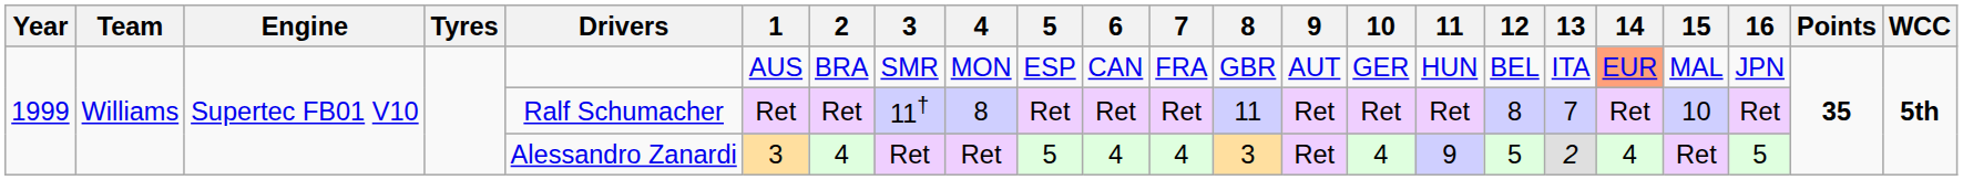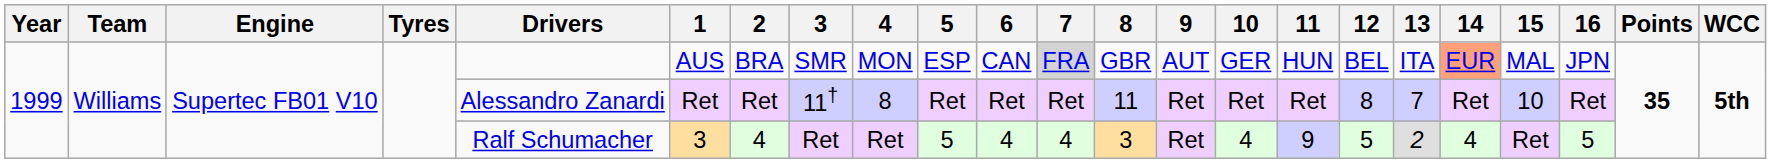 <table class="wikitable" style="text-align:center; font-size:95%">
 <tr>
 <th>Year</th>
 <th>Team</th>
 <th>Engine</th>
 <th>Tyres</th>
 <th>Drivers</th>
 <th>1</th>
 <th>2</th>
 <th>3</th>
 <th>4</th>
 <th>5</th>
 <th>6</th>
 <th>7</th>
 <th>8</th>
 <th>9</th>
 <th>10</th>
 <th>11</th>
 <th>12</th>
 <th>13</th>
 <th>14</th>
 <th>15</th>
 <th>16</th>
 <th>Points</th>
 <th>WCC</th>
 </tr>
 <tr>
 <td rowspan="3"><a href='#'>1999</a></td>
 <td rowspan="3"><a href='#'>Williams</a></td>
 <td rowspan="3"><a href='#'>Supertec FB01</a> <a href='#'>V10</a></td>
 <td rowspan="3"></td>
 <td></td>
 <td><a href='#'>AUS</a></td>
 <td><a href='#'>BRA</a></td>
 <td><a href='#'>SMR</a></td>
 <td><a href='#'>MON</a></td>
 <td><a href='#'>ESP</a></td>
 <td><a href='#'>CAN</a></td>
-<td><a href='#'>FRA</a></td>
+<td style="background: lightgrey;"><a href='#'>FRA</a></td>
 <td><a href='#'>GBR</a></td>
 <td><a href='#'>AUT</a></td>
 <td><a href='#'>GER</a></td>
 <td><a href='#'>HUN</a></td>
 <td><a href='#'>BEL</a></td>
 <td><a href='#'>ITA</a></td>
 <td style="background: lightsalmon;"><a href='#'>EUR</a></td>
 <td><a href='#'>MAL</a></td>
 <td><a href='#'>JPN</a></td>
 <td rowspan="3"><strong>35</strong></td>
 <td rowspan="3"><strong>5th</strong></td>
 </tr>
 <tr>
-<td><a href='#'>Ralf Schumacher</a></td>
+<td><a href='#'>Alessandro Zanardi</a></td>
 <td style="background:#EFCFFF;">Ret</td>
 <td style="background:#EFCFFF;">Ret</td>
 <td style="background:#CFCFFF;">11<sup>†</sup></td>
 <td style="background:#CFCFFF;">8</td>
 <td style="background:#EFCFFF;">Ret</td>
 <td style="background:#EFCFFF;">Ret</td>
 <td style="background:#EFCFFF;">Ret</td>
 <td style="background:#CFCFFF;">11</td>
 <td style="background:#EFCFFF;">Ret</td>
 <td style="background:#EFCFFF;">Ret</td>
 <td style="background:#EFCFFF;">Ret</td>
 <td style="background:#CFCFFF;">8</td>
 <td style="background:#CFCFFF;">7</td>
 <td style="background:#EFCFFF;">Ret</td>
 <td style="background:#CFCFFF;">10</td>
 <td style="background:#EFCFFF;">Ret</td>
 </tr>
 <tr>
-<td><a href='#'>Alessandro Zanardi</a></td>
+<td><a href='#'>Ralf Schumacher</a></td>
 <td style="background:#FFDF9F;">3</td>
 <td style="background:#DFFFDF;">4</td>
 <td style="background:#EFCFFF;">Ret</td>
 <td style="background:#EFCFFF;">Ret</td>
 <td style="background:#DFFFDF;">5</td>
 <td style="background:#DFFFDF;">4</td>
 <td style="background:#DFFFDF;">4</td>
 <td style="background:#FFDF9F;">3</td>
 <td style="background:#EFCFFF;">Ret</td>
 <td style="background:#DFFFDF;">4</td>
 <td style="background:#CFCFFF;">9</td>
 <td style="background:#DFFFDF;">5</td>
 <td style="background:#DFDFDF;"><em>2</em></td>
 <td style="background:#DFFFDF;">4</td>
 <td style="background:#EFCFFF;">Ret</td>
 <td style="background:#DFFFDF;">5</td>
 </tr>
 </table>
